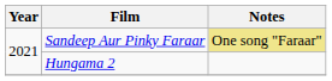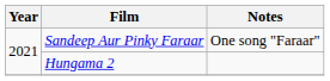 <table class="wikitable sortable">
 <tr>
 <th>Year</th>
 <th>Film</th>
 <th>Notes</th>
 </tr>
 <tr>
 <td rowspan="2">2021</td>
 <td><em><a href='#'>Sandeep Aur Pinky Faraar</a></em></td>
-<td style="background: khaki;">One song  "Faraar"</td>
+<td>One song  "Faraar"</td>
 </tr>
 <tr>
 <td><em><a href='#'>Hungama 2</a></em></td>
 <td></td>
 </tr>
 <tr>
 </tr>
 </table>
